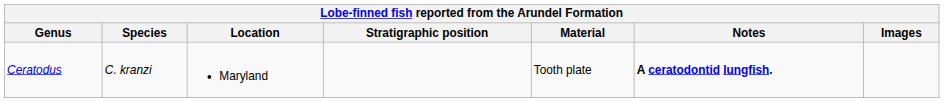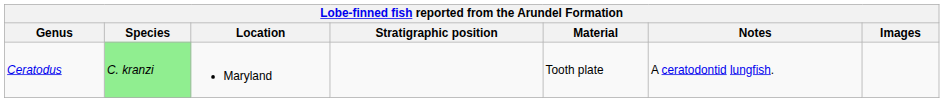 <table class="wikitable" align="center" width="100%">
 <tr>
 <th colspan="7" align="center"><strong><a href='#'>Lobe-finned fish</a> reported from the Arundel Formation</strong></th>
 </tr>
 <tr>
 <th>Genus</th>
 <th>Species</th>
 <th>Location</th>
 <th>Stratigraphic position</th>
 <th>Material</th>
 <th>Notes</th>
 <th>Images</th>
 </tr>
 <tr>
 <td><em><a href='#'>Ceratodus</a></em></td>
-<td><em>C. kranzi</em></td>
+<td style="background: lightgreen;"><em>C. kranzi</em></td>
 <td><br><ul><li>Maryland</li></ul></td>
 <td></td>
 <td>Tooth plate</td>
-<td><strong>A <a href='#'>ceratodontid</a> <a href='#'>lungfish</a>.</strong></td>
+<td>A <a href='#'>ceratodontid</a> <a href='#'>lungfish</a>.</td>
 <td></td>
 </tr>
 </table>
